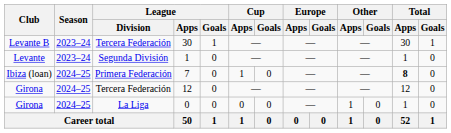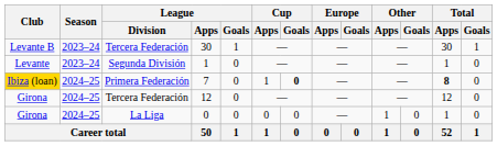 <table class="wikitable" style="text-align:center">
 <tr>
 <th rowspan="2">Club</th>
 <th rowspan="2">Season</th>
 <th colspan="3">League</th>
 <th colspan="2">Cup</th>
 <th colspan="2">Europe</th>
 <th colspan="2">Other</th>
 <th colspan="2">Total</th>
 </tr>
 <tr>
 <th>Division</th>
 <th>Apps</th>
 <th>Goals</th>
 <th>Apps</th>
 <th>Goals</th>
 <th>Apps</th>
 <th>Goals</th>
 <th>Apps</th>
 <th>Goals</th>
 <th>Apps</th>
 <th>Goals</th>
 </tr>
 <tr>
 <td><a href='#'>Levante B</a></td>
 <td><a href='#'>2023–24</a></td>
 <td><a href='#'>Tercera Federación</a></td>
 <td>30</td>
 <td>1</td>
 <td colspan="2">—</td>
 <td colspan="2">—</td>
 <td colspan="2">—</td>
 <td>30</td>
 <td>1</td>
 </tr>
 <tr>
 <td><a href='#'>Levante</a></td>
 <td><a href='#'>2023–24</a></td>
 <td><a href='#'>Segunda División</a></td>
 <td>1</td>
 <td>0</td>
 <td colspan="2">—</td>
 <td colspan="2">—</td>
 <td colspan="2">—</td>
 <td>1</td>
 <td>0</td>
 </tr>
 <tr>
-<td><a href='#'>Ibiza</a> (loan)</td>
+<td style="background: gold;"><a href='#'>Ibiza</a> (loan)</td>
 <td><a href='#'>2024–25</a></td>
 <td><a href='#'>Primera Federación</a></td>
 <td>7</td>
 <td>0</td>
 <td>1</td>
-<td>0</td>
+<td><strong>0</strong></td>
 <td colspan="2">—</td>
 <td colspan="2">—</td>
 <td><strong>8</strong></td>
 <td>0</td>
 </tr>
 <tr>
 <td><a href='#'>Girona</a></td>
 <td><a href='#'>2024–25</a></td>
 <td>Tercera Federación</td>
 <td>12</td>
 <td>0</td>
 <td colspan="2">—</td>
 <td colspan="2">—</td>
 <td colspan="2">—</td>
 <td>12</td>
 <td>0</td>
 </tr>
 <tr>
 <td><a href='#'>Girona</a></td>
 <td><a href='#'>2024–25</a></td>
 <td><a href='#'>La Liga</a></td>
 <td>0</td>
 <td>0</td>
 <td>0</td>
 <td>0</td>
 <td colspan="2">—</td>
 <td>1</td>
 <td>0</td>
 <td>1</td>
 <td>0</td>
 </tr>
 <tr>
 <th colspan="3">Career total</th>
 <th>50</th>
 <th>1</th>
 <th>1</th>
 <th>0</th>
 <th>0</th>
 <th>0</th>
 <th>1</th>
 <th>0</th>
 <th>52</th>
 <th>1</th>
 </tr>
 </table>
